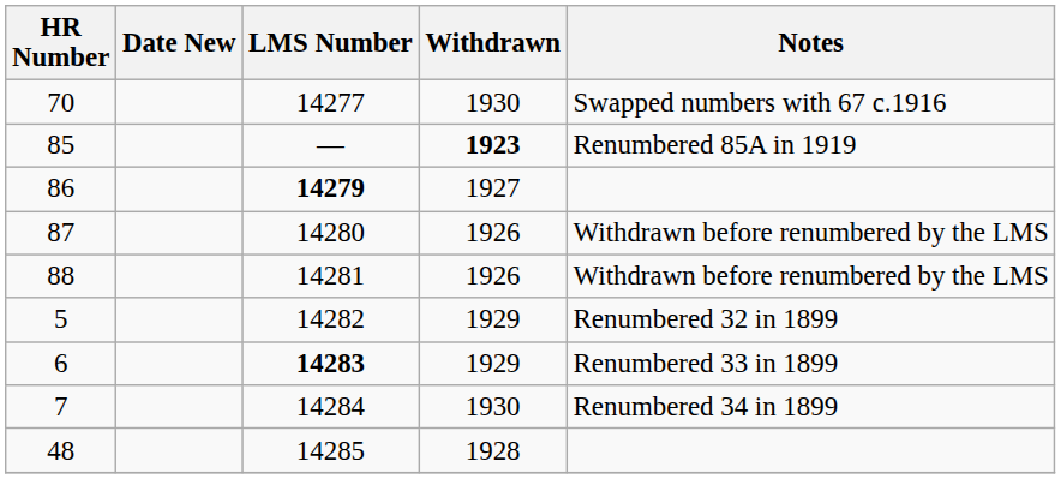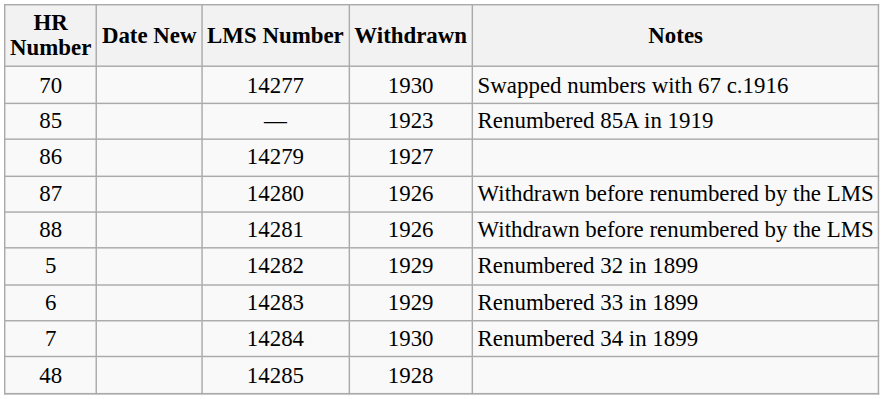 <table class="wikitable sortable" style=text-align:center>
 <tr>
 <th>HR<br>Number</th>
 <th>Date New</th>
 <th>LMS Number</th>
 <th>Withdrawn</th>
 <th>Notes</th>
 </tr>
 <tr>
 <td>70</td>
 <td></td>
 <td>14277</td>
 <td>1930</td>
 <td style=text-align:left>Swapped numbers with 67 c.1916</td>
 </tr>
 <tr>
 <td>85</td>
 <td></td>
 <td>—</td>
-<td><strong>1923</strong></td>
+<td>1923</td>
 <td style=text-align:left>Renumbered 85A in 1919</td>
 </tr>
 <tr>
 <td>86</td>
 <td></td>
-<td><strong>14279</strong></td>
+<td>14279</td>
 <td>1927</td>
 <td style=text-align:left></td>
 </tr>
 <tr>
 <td>87</td>
 <td></td>
 <td>14280</td>
 <td>1926</td>
 <td style=text-align:left>Withdrawn before renumbered by the LMS</td>
 </tr>
 <tr>
 <td>88</td>
 <td></td>
 <td>14281</td>
 <td>1926</td>
 <td style=text-align:left>Withdrawn before renumbered by the LMS</td>
 </tr>
 <tr>
 <td>5</td>
 <td></td>
 <td>14282</td>
 <td>1929</td>
 <td style=text-align:left>Renumbered 32 in 1899</td>
 </tr>
 <tr>
 <td>6</td>
 <td></td>
-<td><strong>14283</strong></td>
+<td>14283</td>
 <td>1929</td>
 <td style=text-align:left>Renumbered 33 in 1899</td>
 </tr>
 <tr>
 <td>7</td>
 <td></td>
 <td>14284</td>
 <td>1930</td>
 <td style=text-align:left>Renumbered 34 in 1899</td>
 </tr>
 <tr>
 <td>48</td>
 <td></td>
 <td>14285</td>
 <td>1928</td>
 <td style=text-align:left></td>
 </tr>
 <tr>
 </tr>
 </table>
